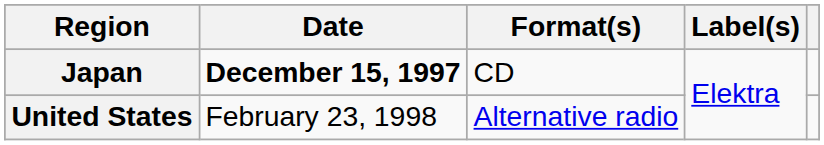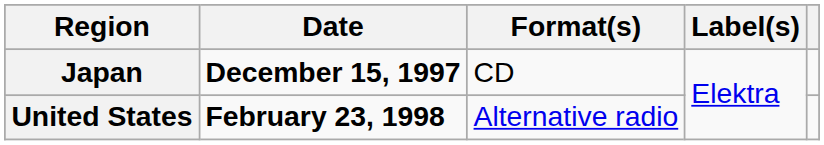 <table class="wikitable plainrowheaders">
 <tr>
 <th scope="col">Region</th>
 <th scope="col">Date</th>
 <th scope="col">Format(s)</th>
 <th scope="col">Label(s)</th>
 <th scope="col"></th>
 </tr>
 <tr>
 <th scope="row">Japan</th>
 <td><strong>December 15, 1997</strong></td>
 <td>CD</td>
 <td rowspan="2"><a href='#'>Elektra</a></td>
 <td></td>
 </tr>
 <tr>
 <th scope="row">United States</th>
-<td>February 23, 1998</td>
+<td><strong>February 23, 1998</strong></td>
 <td><a href='#'>Alternative radio</a></td>
 <td></td>
 </tr>
 </table>
